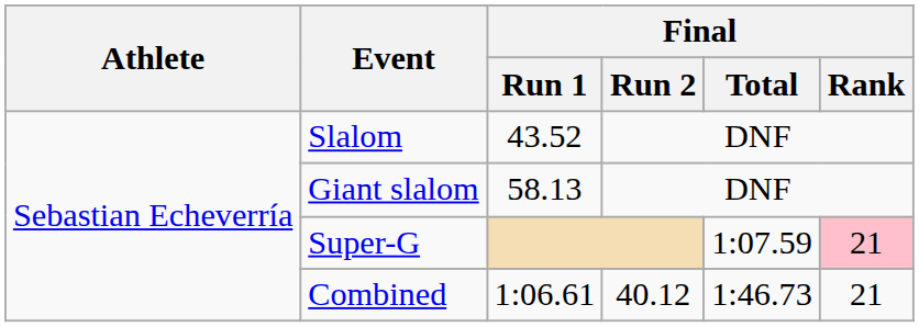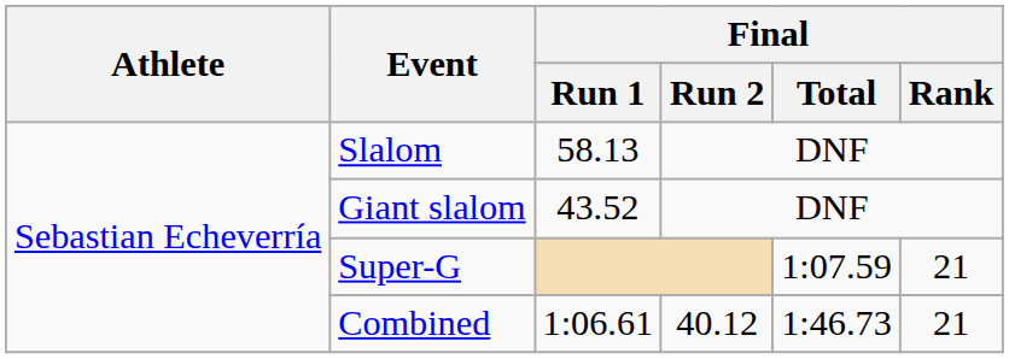 <table class="wikitable">
 <tr>
 <th rowspan="2">Athlete</th>
 <th rowspan="2">Event</th>
 <th colspan="4">Final</th>
 </tr>
 <tr>
 <th>Run 1</th>
 <th>Run 2</th>
 <th>Total</th>
 <th>Rank</th>
 </tr>
 <tr>
 <td rowspan=4><a href='#'>Sebastian Echeverría</a></td>
 <td><a href='#'>Slalom</a></td>
-<td align="center">43.52</td>
+<td align="center">58.13</td>
 <td align="center" colspan=3>DNF</td>
 </tr>
 <tr>
 <td><a href='#'>Giant slalom</a></td>
-<td align="center">58.13</td>
+<td align="center">43.52</td>
 <td align="center" colspan=3>DNF</td>
 </tr>
 <tr>
 <td><a href='#'>Super-G</a></td>
 <td colspan=2 bgcolor="wheat"></td>
 <td align="center">1:07.59</td>
-<td align="center" style="background: pink;">21</td>
+<td align="center">21</td>
 </tr>
 <tr>
 <td><a href='#'>Combined</a></td>
 <td align="center">1:06.61</td>
 <td align="center">40.12</td>
 <td align="center">1:46.73</td>
 <td align="center">21</td>
 </tr>
 </table>
